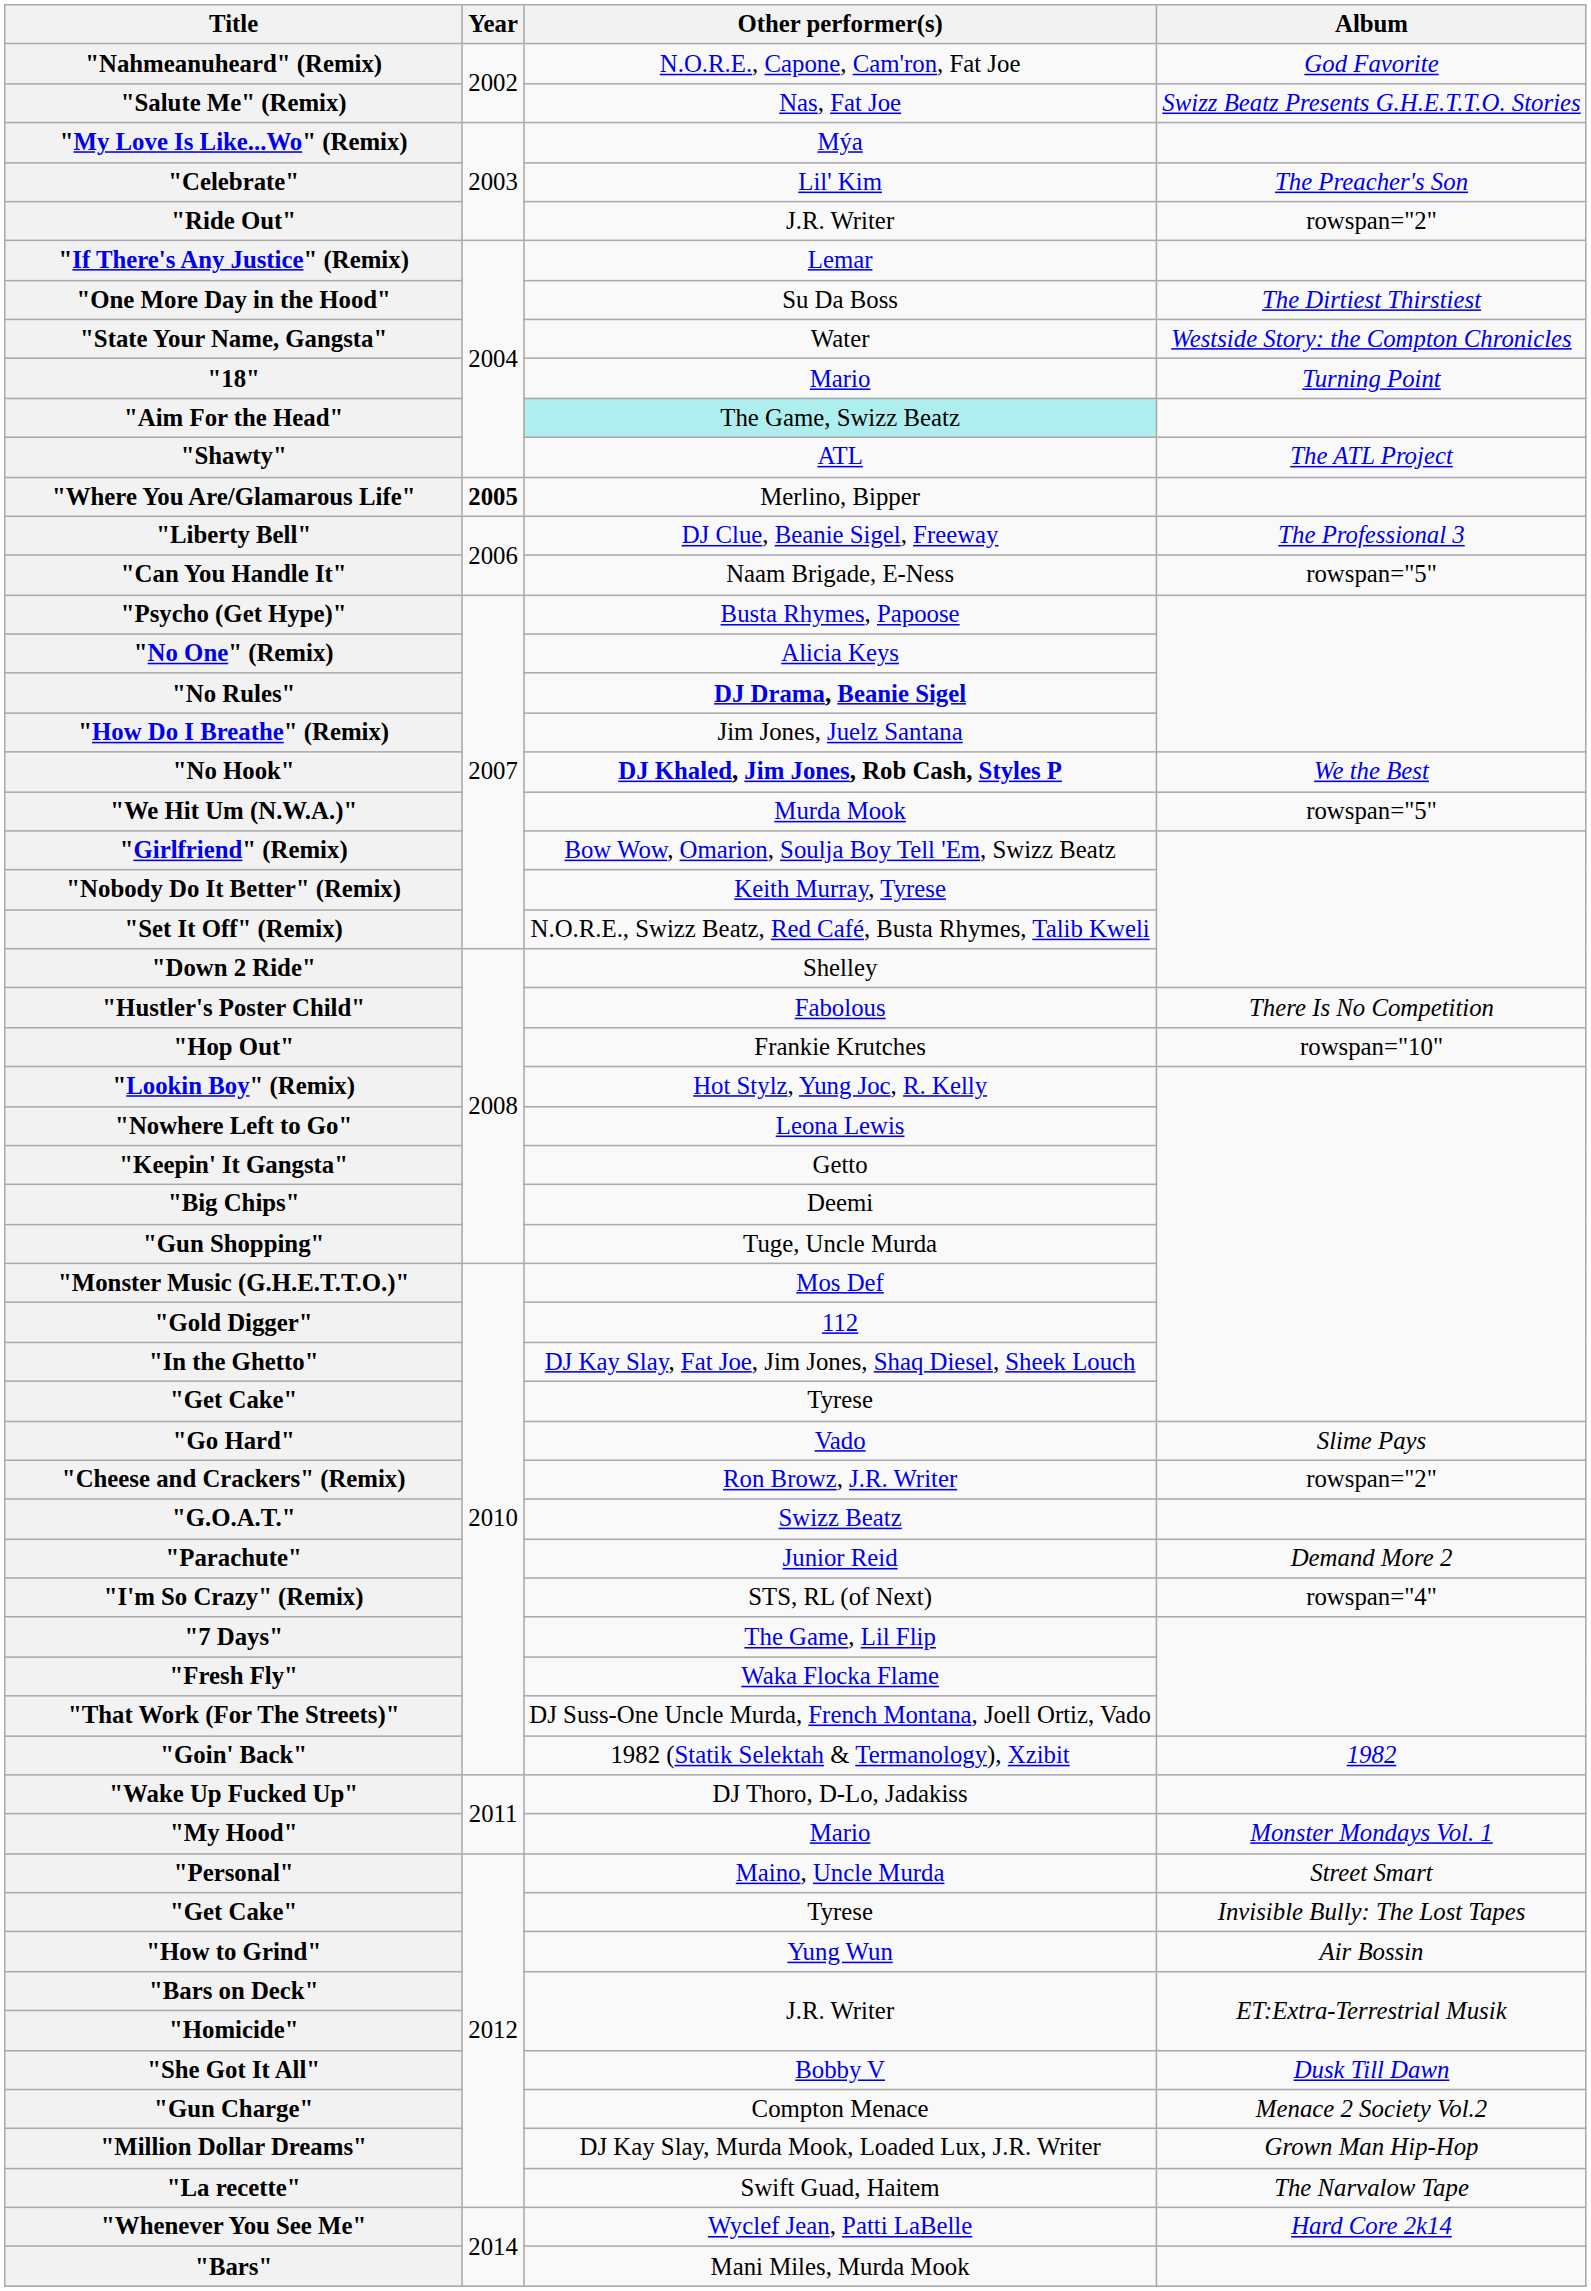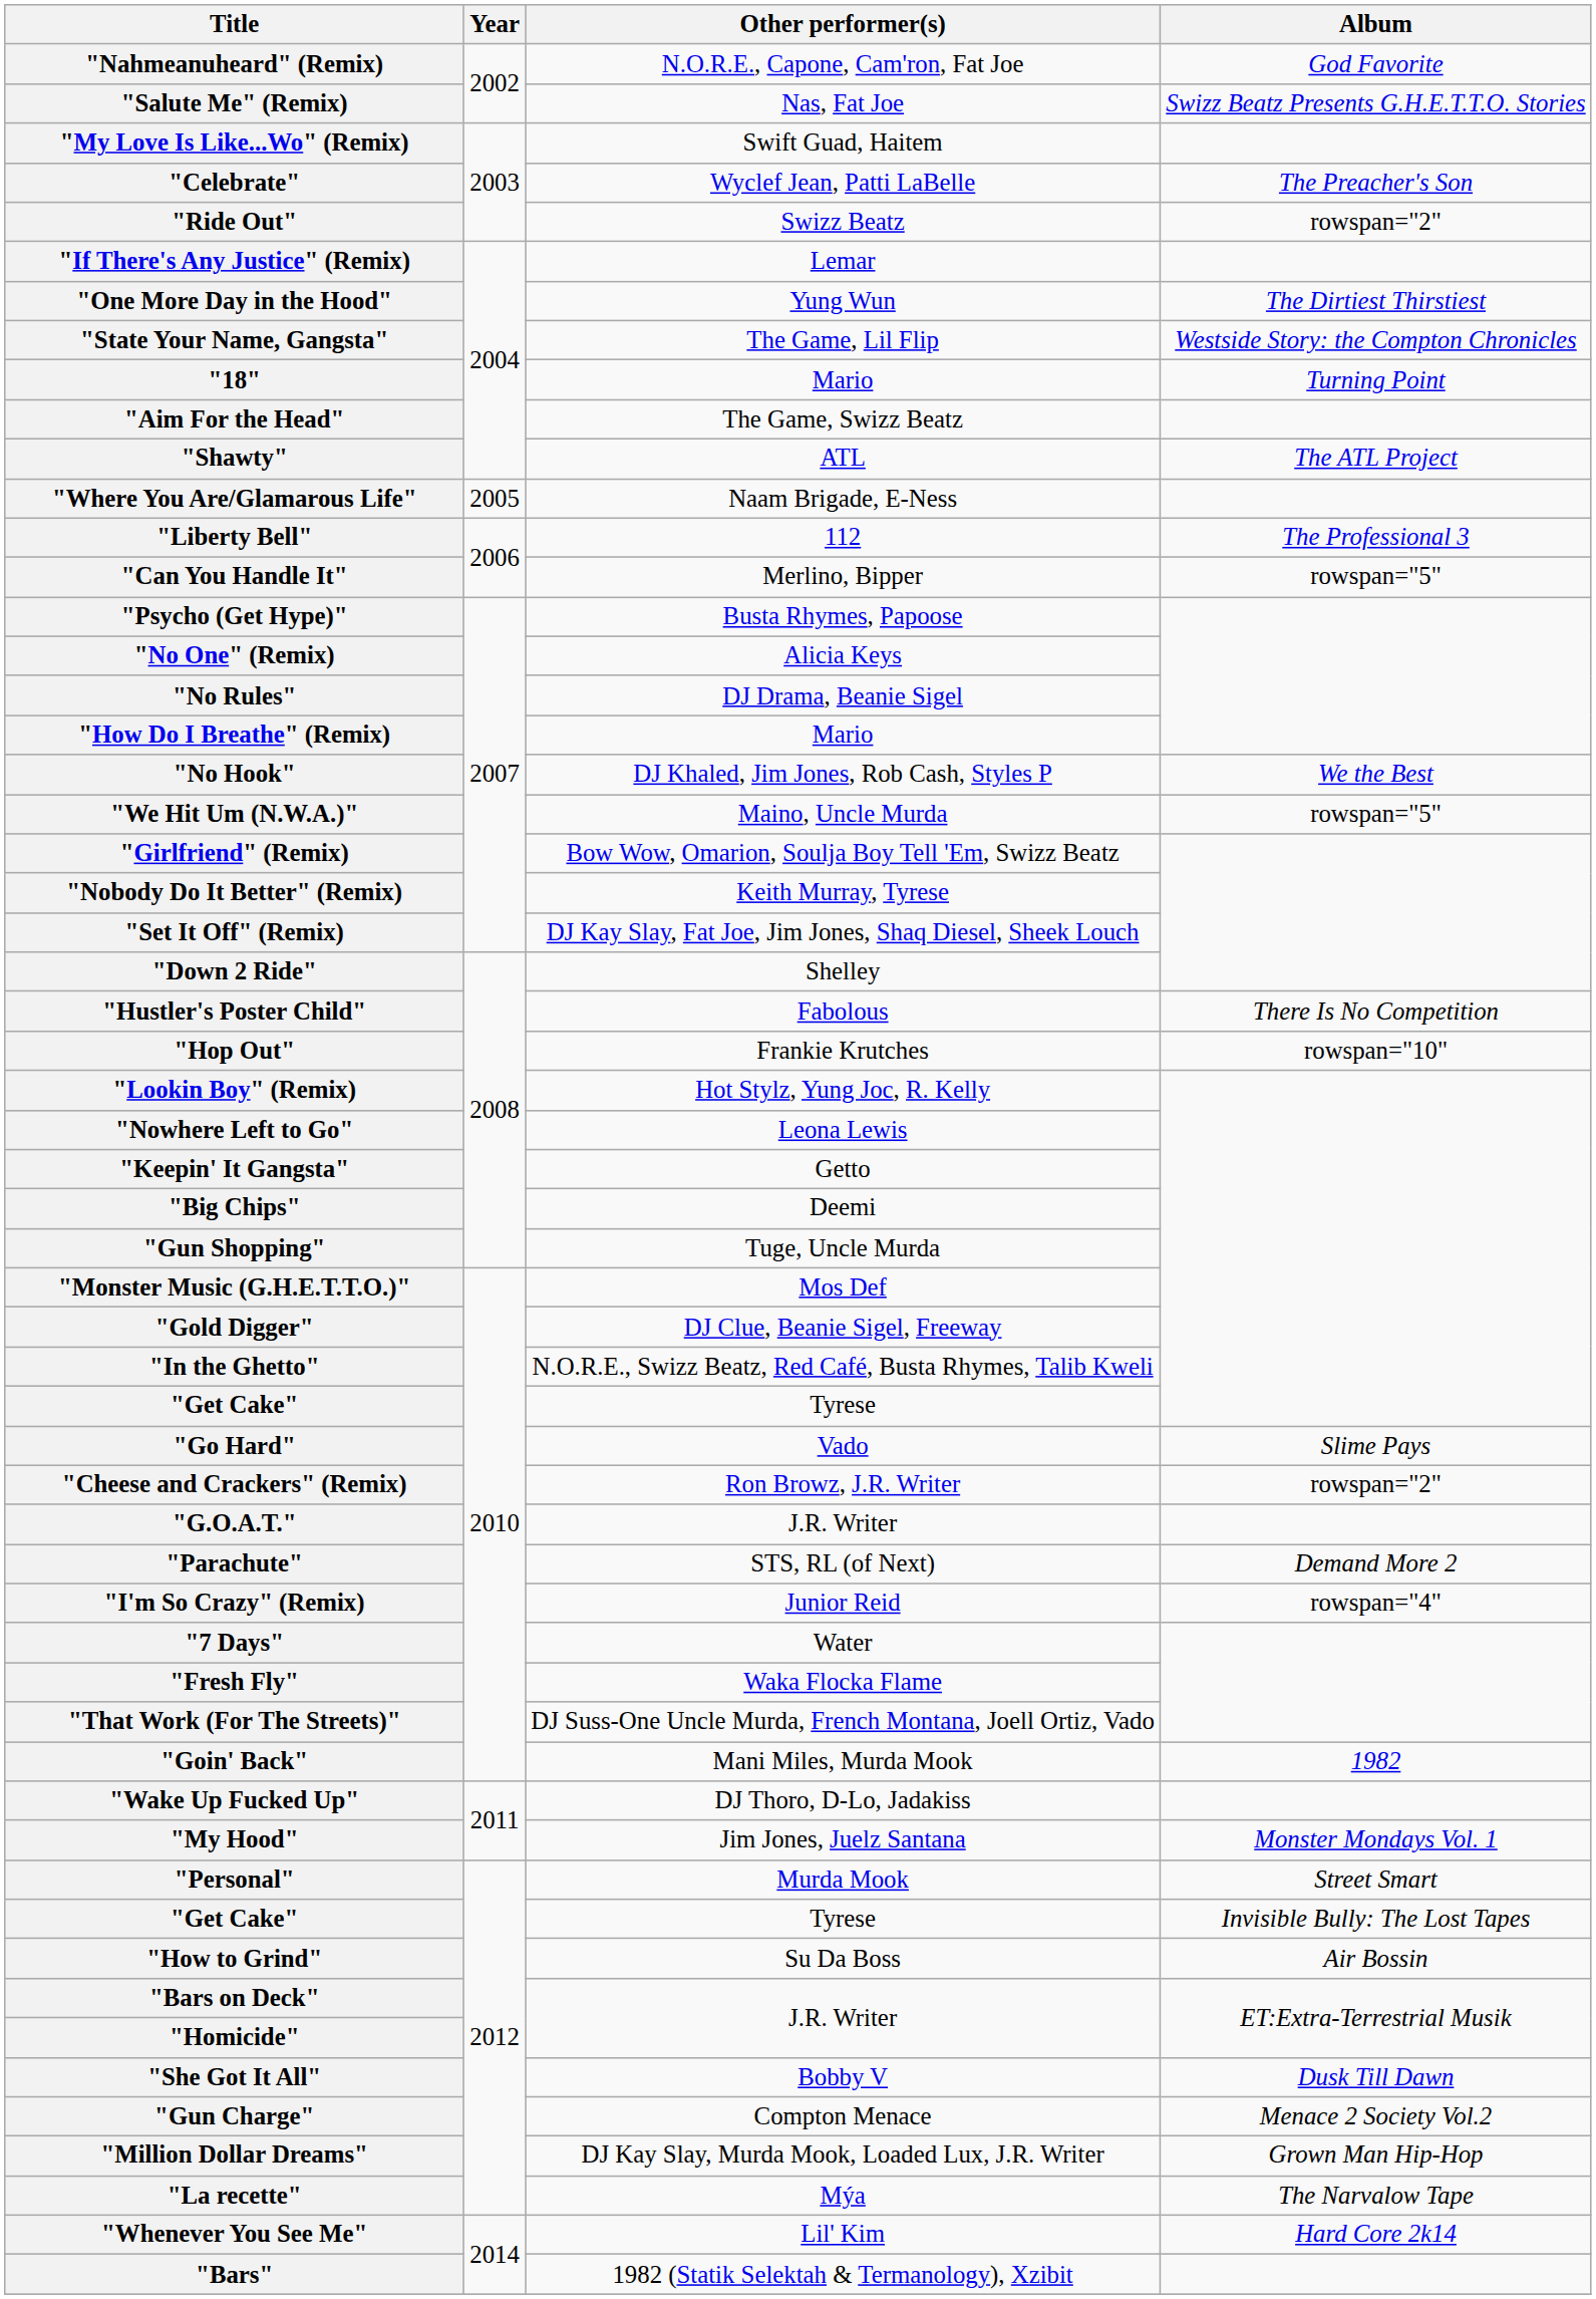 <table class="wikitable plainrowheaders" style="text-align:center;">
 <tr>
 <th scope="col" style="width:18em;">Title</th>
 <th scope="col">Year</th>
 <th scope="col">Other performer(s)</th>
 <th scope="col">Album</th>
 </tr>
 <tr>
 <th scope="row">"Nahmeanuheard" (Remix)</th>
 <td rowspan="2">2002</td>
 <td><a href='#'>N.O.R.E.</a>, <a href='#'>Capone</a>, <a href='#'>Cam'ron</a>, Fat Joe</td>
 <td><em><a href='#'>God Favorite</a></em></td>
 </tr>
 <tr>
 <th scope="row">"Salute Me" (Remix)</th>
 <td><a href='#'>Nas</a>, <a href='#'>Fat Joe</a></td>
 <td><em><a href='#'>Swizz Beatz Presents G.H.E.T.T.O. Stories</a></em></td>
 </tr>
 <tr>
 <th scope="row">"<a href='#'>My Love Is Like...Wo</a>" (Remix)</th>
 <td rowspan="3">2003</td>
-<td><a href='#'>Mýa</a></td>
+<td>Swift Guad, Haitem</td>
 <td></td>
 </tr>
 <tr>
 <th scope="row">"Celebrate"</th>
-<td><a href='#'>Lil' Kim</a></td>
+<td><a href='#'>Wyclef Jean</a>, <a href='#'>Patti LaBelle</a></td>
 <td><em><a href='#'>The Preacher's Son</a></em></td>
 </tr>
 <tr>
 <th scope="row">"Ride Out"</th>
-<td>J.R. Writer</td>
+<td><a href='#'>Swizz Beatz</a></td>
 <td>rowspan="2" </td>
 </tr>
 <tr>
 <th scope="row">"<a href='#'>If There's Any Justice</a>" (Remix)</th>
 <td rowspan="6">2004</td>
 <td><a href='#'>Lemar</a></td>
 </tr>
 <tr>
 <th scope="row">"One More Day in the Hood"</th>
-<td>Su Da Boss</td>
+<td><a href='#'>Yung Wun</a></td>
 <td><em><a href='#'>The Dirtiest Thirstiest</a></em></td>
 </tr>
 <tr>
 <th scope="row">"State Your Name, Gangsta"</th>
-<td>Water</td>
+<td><a href='#'>The Game</a>, <a href='#'>Lil Flip</a></td>
 <td><em><a href='#'>Westside Story: the Compton Chronicles</a></em></td>
 </tr>
 <tr>
 <th scope="row">"18"</th>
 <td><a href='#'>Mario</a></td>
 <td><em><a href='#'>Turning Point</a></em></td>
 </tr>
 <tr>
 <th scope="row">"Aim For the Head"</th>
-<td style="background: paleturquoise;">The Game, Swizz Beatz</td>
+<td>The Game, Swizz Beatz</td>
 <td></td>
 </tr>
 <tr>
 <th scope="row">"Shawty"</th>
 <td><a href='#'>ATL</a></td>
 <td><em><a href='#'>The ATL Project</a></em></td>
 </tr>
 <tr>
 <th scope="row">"Where You Are/Glamarous Life"</th>
-<td><strong>2005</strong></td>
-<td>Merlino, Bipper</td>
+<td>2005</td>
+<td>Naam Brigade, E-Ness</td>
 <td></td>
 </tr>
 <tr>
 <th scope="row">"Liberty Bell"</th>
 <td rowspan="2">2006</td>
-<td><a href='#'>DJ Clue</a>, <a href='#'>Beanie Sigel</a>, <a href='#'>Freeway</a></td>
+<td><a href='#'>112</a></td>
 <td><em><a href='#'>The Professional 3</a></em></td>
 </tr>
 <tr>
 <th scope="row">"Can You Handle It"</th>
-<td>Naam Brigade, E-Ness</td>
+<td>Merlino, Bipper</td>
 <td>rowspan="5" </td>
 </tr>
 <tr>
 <th scope="row">"Psycho (Get Hype)"</th>
 <td rowspan="9">2007</td>
 <td><a href='#'>Busta Rhymes</a>, <a href='#'>Papoose</a></td>
 </tr>
 <tr>
 <th scope="row">"<a href='#'>No One</a>" (Remix)</th>
 <td><a href='#'>Alicia Keys</a></td>
 </tr>
 <tr>
 <th scope="row">"No Rules"</th>
-<td><strong><a href='#'>DJ Drama</a>, <a href='#'>Beanie Sigel</a></strong></td>
+<td><a href='#'>DJ Drama</a>, <a href='#'>Beanie Sigel</a></td>
 </tr>
 <tr>
 <th scope="row">"<a href='#'>How Do I Breathe</a>" (Remix)</th>
-<td>Jim Jones, <a href='#'>Juelz Santana</a></td>
+<td><a href='#'>Mario</a></td>
 </tr>
 <tr>
 <th scope="row">"No Hook"</th>
-<td><strong><a href='#'>DJ Khaled</a>, <a href='#'>Jim Jones</a>, Rob Cash, <a href='#'>Styles P</a></strong></td>
+<td><a href='#'>DJ Khaled</a>, <a href='#'>Jim Jones</a>, Rob Cash, <a href='#'>Styles P</a></td>
 <td><em><a href='#'>We the Best</a></em></td>
 </tr>
 <tr>
 <th scope="row">"We Hit Um (N.W.A.)"</th>
-<td><a href='#'>Murda Mook</a></td>
+<td><a href='#'>Maino</a>, <a href='#'>Uncle Murda</a></td>
 <td>rowspan="5" </td>
 </tr>
 <tr>
 <th scope="row">"<a href='#'>Girlfriend</a>" (Remix)</th>
 <td><a href='#'>Bow Wow</a>, <a href='#'>Omarion</a>, <a href='#'>Soulja Boy Tell 'Em</a>, Swizz Beatz</td>
 </tr>
 <tr>
 <th scope="row">"Nobody Do It Better" (Remix)</th>
 <td><a href='#'>Keith Murray</a>, <a href='#'>Tyrese</a></td>
 </tr>
 <tr>
 <th scope="row">"Set It Off" (Remix)</th>
-<td>N.O.R.E., Swizz Beatz, <a href='#'>Red Café</a>, Busta Rhymes, <a href='#'>Talib Kweli</a></td>
+<td><a href='#'>DJ Kay Slay</a>, <a href='#'>Fat Joe</a>, Jim Jones, <a href='#'>Shaq Diesel</a>, <a href='#'>Sheek Louch</a></td>
 </tr>
 <tr>
 <th scope="row">"Down 2 Ride"</th>
 <td rowspan="8">2008</td>
 <td>Shelley</td>
 </tr>
 <tr>
 <th scope="row">"Hustler's Poster Child"</th>
 <td><a href='#'>Fabolous</a></td>
 <td><em>There Is No Competition</em></td>
 </tr>
 <tr>
 <th scope="row">"Hop Out"</th>
 <td>Frankie Krutches</td>
 <td>rowspan="10" </td>
 </tr>
 <tr>
 <th scope="row">"<a href='#'>Lookin Boy</a>" (Remix)</th>
 <td><a href='#'>Hot Stylz</a>, <a href='#'>Yung Joc</a>, <a href='#'>R. Kelly</a></td>
 </tr>
 <tr>
 <th scope="row">"Nowhere Left to Go"</th>
 <td><a href='#'>Leona Lewis</a></td>
 </tr>
 <tr>
 <th scope="row">"Keepin' It Gangsta"</th>
 <td>Getto</td>
 </tr>
 <tr>
 <th scope="row">"Big Chips"</th>
 <td>Deemi</td>
 </tr>
 <tr>
 <th scope="row">"Gun Shopping"</th>
 <td>Tuge, Uncle Murda</td>
 </tr>
 <tr>
 <th scope="row">"Monster Music (G.H.E.T.T.O.)"</th>
 <td rowspan="13">2010</td>
 <td><a href='#'>Mos Def</a></td>
 </tr>
 <tr>
 <th scope="row">"Gold Digger"</th>
-<td><a href='#'>112</a></td>
+<td><a href='#'>DJ Clue</a>, <a href='#'>Beanie Sigel</a>, <a href='#'>Freeway</a></td>
 </tr>
 <tr>
 <th scope="row">"In the Ghetto"</th>
-<td><a href='#'>DJ Kay Slay</a>, <a href='#'>Fat Joe</a>, Jim Jones, <a href='#'>Shaq Diesel</a>, <a href='#'>Sheek Louch</a></td>
+<td>N.O.R.E., Swizz Beatz, <a href='#'>Red Café</a>, Busta Rhymes, <a href='#'>Talib Kweli</a></td>
 </tr>
 <tr>
 <th scope="row">"Get Cake"</th>
 <td>Tyrese</td>
 </tr>
 <tr>
 <th scope="row">"Go Hard"</th>
 <td><a href='#'>Vado</a></td>
 <td><em>Slime Pays</em></td>
 </tr>
 <tr>
 <th scope="row">"Cheese and Crackers" (Remix)</th>
 <td><a href='#'>Ron Browz</a>, <a href='#'>J.R. Writer</a></td>
 <td>rowspan="2" </td>
 </tr>
 <tr>
 <th scope="row">"G.O.A.T."</th>
-<td><a href='#'>Swizz Beatz</a></td>
+<td>J.R. Writer</td>
 </tr>
 <tr>
 <th scope="row">"Parachute"</th>
-<td><a href='#'>Junior Reid</a></td>
+<td>STS, RL (of Next)</td>
 <td><em>Demand More 2</em></td>
 </tr>
 <tr>
 <th scope="row">"I'm So Crazy" (Remix)</th>
-<td>STS, RL (of Next)</td>
+<td><a href='#'>Junior Reid</a></td>
 <td>rowspan="4" </td>
 </tr>
 <tr>
 <th scope="row">"7 Days"</th>
-<td><a href='#'>The Game</a>, <a href='#'>Lil Flip</a></td>
+<td>Water</td>
 </tr>
 <tr>
 <th scope="row">"Fresh Fly"</th>
 <td><a href='#'>Waka Flocka Flame</a></td>
 </tr>
 <tr>
 <th scope="row">"That Work (For The Streets)"</th>
 <td>DJ Suss-One Uncle Murda, <a href='#'>French Montana</a>, Joell Ortiz, Vado</td>
 </tr>
 <tr>
 <th scope="row">"Goin' Back"</th>
-<td>1982 (<a href='#'>Statik Selektah</a> & <a href='#'>Termanology</a>), <a href='#'>Xzibit</a></td>
+<td>Mani Miles, Murda Mook</td>
 <td><em><a href='#'>1982</a></em></td>
 </tr>
 <tr>
 <th scope="row">"Wake Up Fucked Up" </th>
 <td rowspan="2">2011</td>
 <td>DJ Thoro, D-Lo, Jadakiss</td>
 <td></td>
 </tr>
 <tr>
 <th scope="row">"My Hood"</th>
-<td><a href='#'>Mario</a></td>
+<td>Jim Jones, <a href='#'>Juelz Santana</a></td>
 <td><em><a href='#'>Monster Mondays Vol. 1</a></em></td>
 </tr>
 <tr>
 <th scope="row">"Personal"</th>
 <td rowspan="9">2012</td>
-<td><a href='#'>Maino</a>, <a href='#'>Uncle Murda</a></td>
+<td><a href='#'>Murda Mook</a></td>
 <td><em>Street Smart</em></td>
 </tr>
 <tr>
 <th scope="row">"Get Cake"</th>
 <td>Tyrese</td>
 <td><em>Invisible Bully: The Lost Tapes</em></td>
 </tr>
 <tr>
 <th scope="row">"How to Grind"</th>
-<td><a href='#'>Yung Wun</a></td>
+<td>Su Da Boss</td>
 <td><em>Air Bossin</em></td>
 </tr>
 <tr>
 <th scope="row">"Bars on Deck"</th>
 <td rowspan="2">J.R. Writer</td>
 <td rowspan="2"><em>ET:Extra-Terrestrial Musik</em></td>
 </tr>
 <tr>
 <th scope="row">"Homicide"</th>
 </tr>
 <tr>
 <th scope="row">"She Got It All"</th>
 <td><a href='#'>Bobby V</a></td>
 <td><em><a href='#'>Dusk Till Dawn</a></em></td>
 </tr>
 <tr>
 <th scope="row">"Gun Charge"</th>
 <td>Compton Menace</td>
 <td><em>Menace 2 Society Vol.2</em></td>
 </tr>
 <tr>
 <th scope="row">"Million Dollar Dreams"</th>
 <td>DJ Kay Slay, Murda Mook, Loaded Lux, J.R. Writer</td>
 <td><em>Grown Man Hip-Hop</em></td>
 </tr>
 <tr>
 <th scope="row">"La recette"</th>
-<td>Swift Guad, Haitem</td>
+<td><a href='#'>Mýa</a></td>
 <td><em>The Narvalow Tape</em></td>
 </tr>
 <tr>
 <th scope="row">"Whenever You See Me"</th>
 <td rowspan="2">2014</td>
-<td><a href='#'>Wyclef Jean</a>, <a href='#'>Patti LaBelle</a></td>
+<td><a href='#'>Lil' Kim</a></td>
 <td><em><a href='#'>Hard Core 2k14</a></em></td>
 </tr>
 <tr>
 <th scope="row">"Bars"</th>
-<td>Mani Miles, Murda Mook</td>
+<td>1982 (<a href='#'>Statik Selektah</a> & <a href='#'>Termanology</a>), <a href='#'>Xzibit</a></td>
 <td></td>
 </tr>
 <tr>
 </tr>
 </table>
